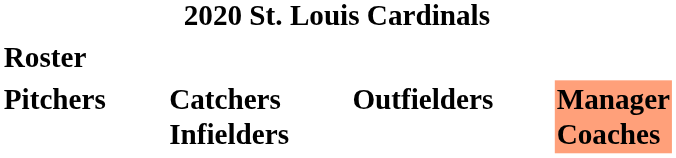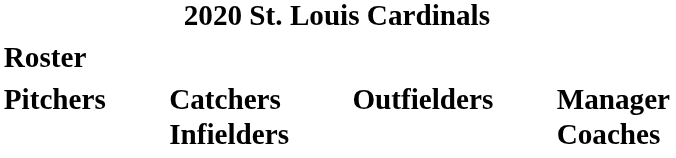 <table class="toccolours" style="font-size: 95%;">
 <tr>
 <th colspan="10">2020 St. Louis Cardinals</th>
 </tr>
 <tr>
 <td colspan="10"><strong>Roster</strong></td>
 </tr>
 <tr>
 <td valign="top"><strong>Pitchers</strong><br>                        </td>
 <td style="width:25px;"></td>
 <td valign="top"><strong>Catchers</strong><br>   <strong>Infielders</strong>        </td>
 <td style="width:25px;"></td>
 <td valign="top"><strong>Outfielders</strong><br>       </td>
 <td style="width:25px;"></td>
-<td valign="top" style="background: lightsalmon;"><strong>Manager</strong><br> <strong>Coaches</strong>                              </td>
+<td valign="top"><strong>Manager</strong><br> <strong>Coaches</strong>                              </td>
 </tr>
 </table>
